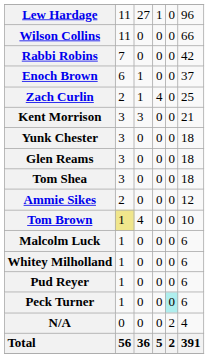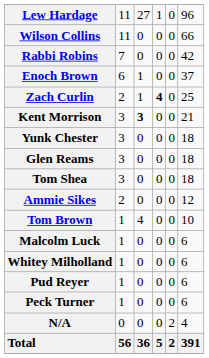 <table class="wikitable sortable plainrowheaders">
 <tr>
 </tr>
 <tr>
 <th scope="row"><a href='#'>Lew Hardage</a></th>
 <td>11</td>
 <td>27</td>
 <td>1</td>
 <td>0</td>
 <td>96</td>
 </tr>
 <tr>
 <th scope="row"><a href='#'>Wilson Collins</a></th>
 <td>11</td>
 <td>0</td>
 <td>0</td>
 <td>0</td>
 <td>66</td>
 </tr>
 <tr>
 <th scope="row"><a href='#'>Rabbi Robins</a></th>
 <td>7</td>
 <td>0</td>
 <td>0</td>
 <td>0</td>
 <td>42</td>
 </tr>
 <tr>
 <th scope="row"><a href='#'>Enoch Brown</a></th>
 <td>6</td>
 <td>1</td>
 <td>0</td>
 <td>0</td>
 <td>37</td>
 </tr>
 <tr>
 <th scope="row"><a href='#'>Zach Curlin</a></th>
 <td>2</td>
 <td>1</td>
-<td>4</td>
+<td><strong>4</strong></td>
 <td>0</td>
 <td>25</td>
 </tr>
 <tr>
 <th scope="row">Kent Morrison</th>
 <td>3</td>
-<td>3</td>
+<td><strong>3</strong></td>
 <td>0</td>
 <td>0</td>
 <td>21</td>
 </tr>
 <tr>
 <th scope="row">Yunk Chester</th>
 <td>3</td>
 <td>0</td>
 <td>0</td>
 <td>0</td>
 <td>18</td>
 </tr>
 <tr>
 <th scope="row">Glen Reams</th>
 <td>3</td>
 <td>0</td>
 <td>0</td>
 <td>0</td>
 <td>18</td>
 </tr>
 <tr>
 <th scope="row">Tom Shea</th>
 <td>3</td>
 <td>0</td>
 <td>0</td>
 <td>0</td>
 <td>18</td>
 </tr>
 <tr>
 <th scope="row"><a href='#'>Ammie Sikes</a></th>
 <td>2</td>
 <td>0</td>
 <td>0</td>
 <td>0</td>
 <td>12</td>
 </tr>
 <tr>
 <th scope="row"><a href='#'>Tom Brown</a></th>
-<td style="background: khaki;">1</td>
+<td>1</td>
 <td>4</td>
 <td>0</td>
 <td>0</td>
 <td>10</td>
 </tr>
 <tr>
 <th scope="row">Malcolm Luck</th>
 <td>1</td>
 <td>0</td>
 <td>0</td>
 <td>0</td>
 <td>6</td>
 </tr>
 <tr>
 <th scope="row">Whitey Milholland</th>
 <td>1</td>
 <td>0</td>
 <td>0</td>
 <td>0</td>
 <td>6</td>
 </tr>
 <tr>
 <th scope="row">Pud Reyer</th>
 <td>1</td>
 <td>0</td>
 <td>0</td>
 <td>0</td>
 <td>6</td>
 </tr>
 <tr>
 <th scope="row">Peck Turner</th>
 <td>1</td>
 <td>0</td>
 <td>0</td>
-<td style="background: paleturquoise;">0</td>
+<td>0</td>
 <td>6</td>
 </tr>
 <tr>
 <th scope="row">N/A</th>
 <td>0</td>
 <td>0</td>
 <td>0</td>
 <td>2</td>
 <td>4</td>
 </tr>
 <tr>
 <th style="text-align:left;">Total</th>
 <th style="text-align:left;">56</th>
 <th style="text-align:left;">36</th>
 <th style="text-align:left;">5</th>
 <th style="text-align:left;">2</th>
 <th style="text-align:left;">391</th>
 </tr>
 <tr>
 </tr>
 </table>
